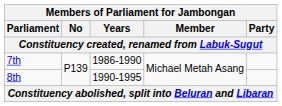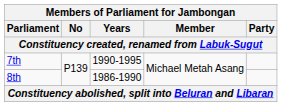 <table class=wikitable>
 <tr>
 <th colspan="5">Members of Parliament for Jambongan</th>
 </tr>
 <tr>
 <th>Parliament</th>
 <th>No</th>
 <th>Years</th>
 <th>Member</th>
 <th>Party</th>
 </tr>
 <tr>
 <th colspan="5" align="center"><em>Constituency created, renamed from <a href='#'>Labuk-Sugut</a></em></th>
 </tr>
 <tr>
 <td><a href='#'>7th</a></td>
 <td rowspan="2">P139</td>
-<td>1986-1990</td>
+<td>1990-1995</td>
 <td rowspan=2>Michael Metah Asang</td>
 <td></td>
 </tr>
 <tr>
 <td><a href='#'>8th</a></td>
-<td>1990-1995</td>
+<td>1986-1990</td>
 <td bgcolor=></td>
 </tr>
 <tr>
 <th colspan="5" align="center"><em>Constituency abolished, split into <a href='#'>Beluran</a> and <a href='#'>Libaran</a></em></th>
 </tr>
 </table>
